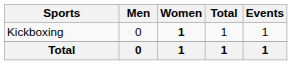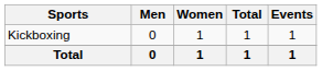 <table class="wikitable sortable" style="text-align:center;">
 <tr>
 <th width=150>Sports</th>
 <th width=45>Men</th>
 <th width=45>Women</th>
 <th width=45>Total</th>
 <th width=45>Events</th>
 </tr>
 <tr>
 <td align=left>Kickboxing</td>
 <td>0</td>
-<td><strong>1</strong></td>
+<td>1</td>
 <td>1</td>
 <td>1</td>
 </tr>
 <tr>
 </tr>
 <tr class="sortbottom">
 <th>Total</th>
 <th>0</th>
 <th>1</th>
 <th>1</th>
 <th>1</th>
 </tr>
 </table>
